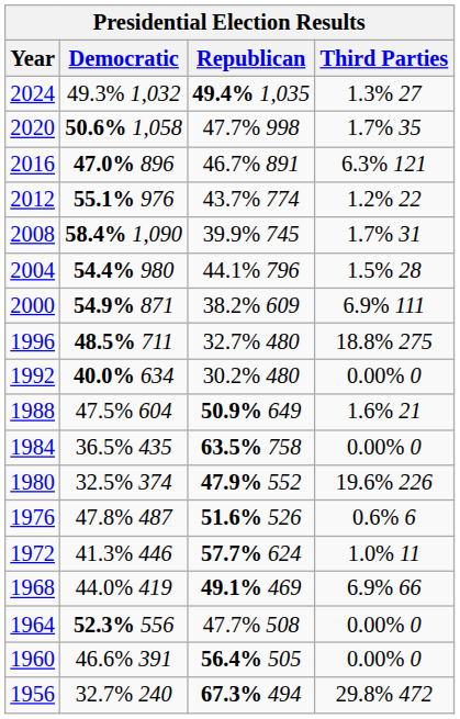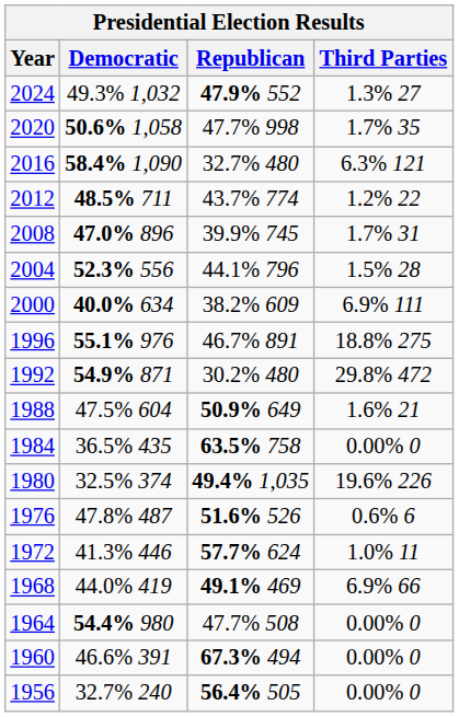 <table class="wikitable">
 <tr>
 <th colspan="4"><strong>Presidential Election Results</strong></th>
 </tr>
 <tr>
 <th><strong>Year</strong></th>
 <th><a href='#'>Democratic</a></th>
 <th><a href='#'>Republican</a></th>
 <th><a href='#'>Third Parties</a></th>
 </tr>
 <tr>
 <td align="center" ><a href='#'>2024</a></td>
 <td align="center" >49.3% <em>1,032</em></td>
-<td align="center" ><strong>49.4%</strong> <em>1,035</em></td>
+<td align="center" ><strong>47.9%</strong> <em>552</em></td>
 <td align="center" >1.3% <em>27</em></td>
 </tr>
 <tr>
 <td align="center" ><a href='#'>2020</a></td>
 <td align="center" ><strong>50.6%</strong> <em>1,058</em></td>
 <td align="center" >47.7% <em>998</em></td>
 <td align="center" >1.7% <em>35</em></td>
 </tr>
 <tr>
 <td align="center" ><a href='#'>2016</a></td>
-<td align="center" ><strong>47.0%</strong> <em>896</em></td>
-<td align="center" >46.7% <em>891</em></td>
+<td align="center" ><strong>58.4%</strong> <em>1,090</em></td>
+<td align="center" >32.7% <em>480</em></td>
 <td align="center" >6.3% <em>121</em></td>
 </tr>
 <tr>
 <td align="center" ><a href='#'>2012</a></td>
-<td align="center" ><strong>55.1%</strong> <em>976</em></td>
+<td align="center" ><strong>48.5%</strong> <em>711</em></td>
 <td align="center" >43.7% <em>774</em></td>
 <td align="center" >1.2% <em>22</em></td>
 </tr>
 <tr>
 <td align="center" ><a href='#'>2008</a></td>
-<td align="center" ><strong>58.4%</strong> <em>1,090</em></td>
+<td align="center" ><strong>47.0%</strong> <em>896</em></td>
 <td align="center" >39.9% <em>745</em></td>
 <td align="center" >1.7% <em>31</em></td>
 </tr>
 <tr>
 <td align="center" ><a href='#'>2004</a></td>
-<td align="center" ><strong>54.4%</strong> <em>980</em></td>
+<td align="center" ><strong>52.3%</strong> <em>556</em></td>
 <td align="center" >44.1% <em>796</em></td>
 <td align="center" >1.5% <em>28</em></td>
 </tr>
 <tr>
 <td align="center" ><a href='#'>2000</a></td>
-<td align="center" ><strong>54.9%</strong> <em>871</em></td>
+<td align="center" ><strong>40.0%</strong> <em>634</em></td>
 <td align="center" >38.2% <em>609</em></td>
 <td align="center" >6.9% <em>111</em></td>
 </tr>
 <tr>
 <td align="center" ><a href='#'>1996</a></td>
-<td align="center" ><strong>48.5%</strong> <em>711</em></td>
-<td align="center" >32.7% <em>480</em></td>
+<td align="center" ><strong>55.1%</strong> <em>976</em></td>
+<td align="center" >46.7% <em>891</em></td>
 <td align="center" >18.8% <em>275</em></td>
 </tr>
 <tr>
 <td align="center" ><a href='#'>1992</a></td>
-<td align="center" ><strong>40.0%</strong> <em>634</em></td>
+<td align="center" ><strong>54.9%</strong> <em>871</em></td>
 <td align="center" >30.2% <em>480</em></td>
-<td align="center" >0.00% <em>0</em></td>
+<td align="center" >29.8% <em>472</em></td>
 </tr>
 <tr>
 <td align="center" ><a href='#'>1988</a></td>
 <td align="center" >47.5% <em>604</em></td>
 <td align="center" ><strong>50.9%</strong> <em>649</em></td>
 <td align="center" >1.6% <em>21</em></td>
 </tr>
 <tr>
 <td align="center" ><a href='#'>1984</a></td>
 <td align="center" >36.5% <em>435</em></td>
 <td align="center" ><strong>63.5%</strong> <em>758</em></td>
 <td align="center" >0.00% <em>0</em></td>
 </tr>
 <tr>
 <td align="center" ><a href='#'>1980</a></td>
 <td align="center" >32.5% <em>374</em></td>
-<td align="center" ><strong>47.9%</strong> <em>552</em></td>
+<td align="center" ><strong>49.4%</strong> <em>1,035</em></td>
 <td align="center" >19.6% <em>226</em></td>
 </tr>
 <tr>
 <td align="center" ><a href='#'>1976</a></td>
 <td align="center" >47.8% <em>487</em></td>
 <td align="center" ><strong>51.6%</strong> <em>526</em></td>
 <td align="center" >0.6% <em>6</em></td>
 </tr>
 <tr>
 <td align="center" ><a href='#'>1972</a></td>
 <td align="center" >41.3% <em>446</em></td>
 <td align="center" ><strong>57.7%</strong> <em>624</em></td>
 <td align="center" >1.0% <em>11</em></td>
 </tr>
 <tr>
 <td align="center" ><a href='#'>1968</a></td>
 <td align="center" >44.0% <em>419</em></td>
 <td align="center" ><strong>49.1%</strong> <em>469</em></td>
 <td align="center" >6.9% <em>66</em></td>
 </tr>
 <tr>
 <td align="center" ><a href='#'>1964</a></td>
-<td align="center" ><strong>52.3%</strong> <em>556</em></td>
+<td align="center" ><strong>54.4%</strong> <em>980</em></td>
 <td align="center" >47.7% <em>508</em></td>
 <td align="center" >0.00% <em>0</em></td>
 </tr>
 <tr>
 <td align="center" ><a href='#'>1960</a></td>
 <td align="center" >46.6% <em>391</em></td>
-<td align="center" ><strong>56.4%</strong> <em>505</em></td>
+<td align="center" ><strong>67.3%</strong> <em>494</em></td>
 <td align="center" >0.00% <em>0</em></td>
 </tr>
 <tr>
 <td align="center" ><a href='#'>1956</a></td>
 <td align="center" >32.7% <em>240</em></td>
-<td align="center" ><strong>67.3%</strong> <em>494</em></td>
-<td align="center" >29.8% <em>472</em></td>
+<td align="center" ><strong>56.4%</strong> <em>505</em></td>
+<td align="center" >0.00% <em>0</em></td>
 </tr>
 </table>
